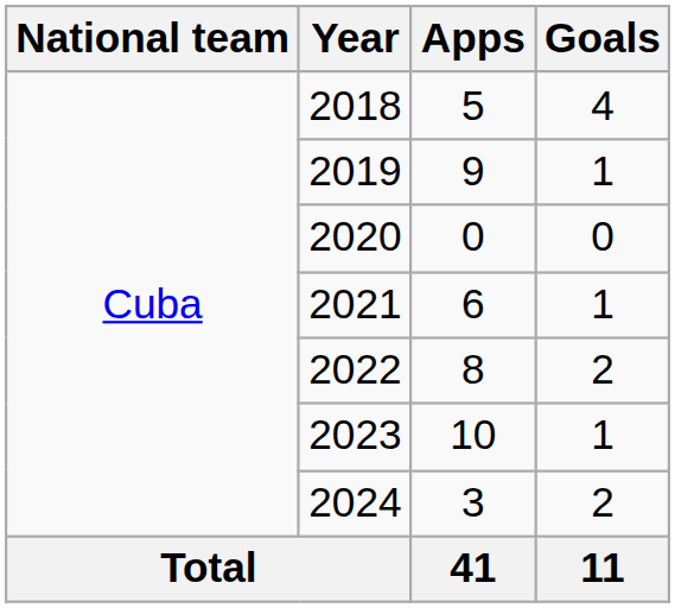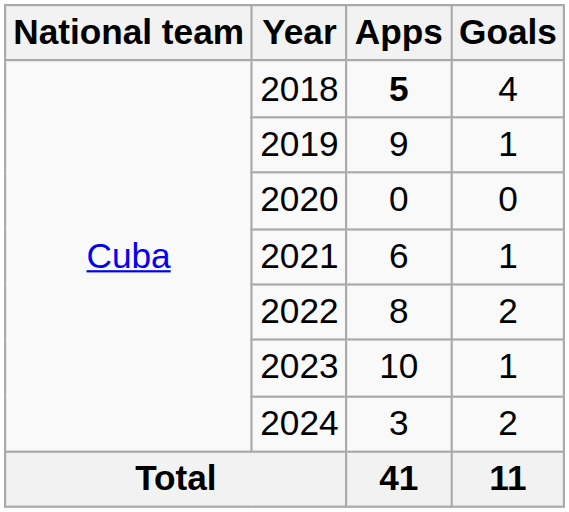 <table class="wikitable" style="text-align:center">
 <tr>
 <th>National team</th>
 <th>Year</th>
 <th>Apps</th>
 <th>Goals</th>
 </tr>
 <tr>
 <td rowspan="7"><a href='#'>Cuba</a></td>
 <td>2018</td>
-<td>5</td>
+<td><strong>5</strong></td>
 <td>4</td>
 </tr>
 <tr>
 <td>2019</td>
 <td>9</td>
 <td>1</td>
 </tr>
 <tr>
 <td>2020</td>
 <td>0</td>
 <td>0</td>
 </tr>
 <tr>
 <td>2021</td>
 <td>6</td>
 <td>1</td>
 </tr>
 <tr>
 <td>2022</td>
 <td>8</td>
 <td>2</td>
 </tr>
 <tr>
 <td>2023</td>
 <td>10</td>
 <td>1</td>
 </tr>
 <tr>
 <td>2024</td>
 <td>3</td>
 <td>2</td>
 </tr>
 <tr>
 <th colspan="2">Total</th>
 <th>41</th>
 <th>11</th>
 </tr>
 </table>
